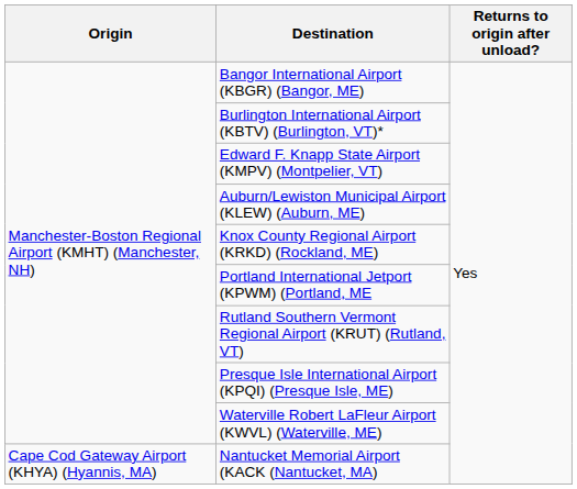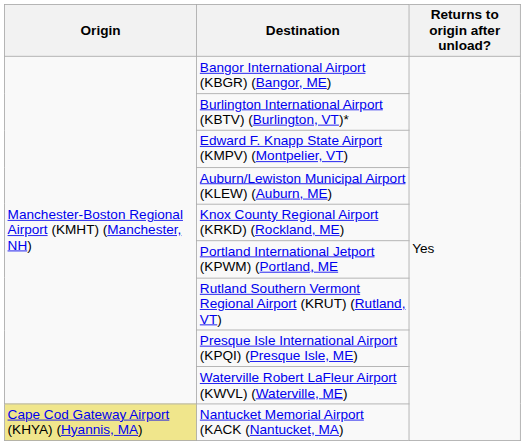 <table class="wikitable">
 <tr>
 <th>Origin</th>
 <th>Destination</th>
 <th>Returns to origin after unload?</th>
 </tr>
 <tr>
 <td rowspan="9"><a href='#'>Manchester-Boston Regional Airport</a> (KMHT) (<a href='#'>Manchester, NH</a>)</td>
 <td><a href='#'>Bangor International Airport</a> (KBGR) (<a href='#'>Bangor, ME</a>)</td>
 <td rowspan="10">Yes</td>
 </tr>
 <tr>
 <td><a href='#'>Burlington International Airport</a> (KBTV) (<a href='#'>Burlington, VT</a>)*</td>
 </tr>
 <tr>
 <td><a href='#'>Edward F. Knapp State Airport</a> (KMPV) (<a href='#'>Montpelier, VT</a>)</td>
 </tr>
 <tr>
 <td><a href='#'>Auburn/Lewiston Municipal Airport</a> (KLEW) (<a href='#'>Auburn, ME</a>)</td>
 </tr>
 <tr>
 <td><a href='#'>Knox County Regional Airport</a> (KRKD) (<a href='#'>Rockland, ME</a>)</td>
 </tr>
 <tr>
 <td><a href='#'>Portland International Jetport</a> (KPWM) (<a href='#'>Portland, ME</a></td>
 </tr>
 <tr>
 <td><a href='#'>Rutland Southern Vermont Regional Airport</a> (KRUT) (<a href='#'>Rutland, VT</a>)</td>
 </tr>
 <tr>
 <td><a href='#'>Presque Isle International Airport</a> (KPQI) (<a href='#'>Presque Isle, ME</a>)</td>
 </tr>
 <tr>
 <td><a href='#'>Waterville Robert LaFleur Airport</a> (KWVL) (<a href='#'>Waterville, ME</a>)</td>
 </tr>
 <tr>
-<td><a href='#'>Cape Cod Gateway Airport</a> (KHYA) (<a href='#'>Hyannis, MA</a>)</td>
+<td style="background: khaki;"><a href='#'>Cape Cod Gateway Airport</a> (KHYA) (<a href='#'>Hyannis, MA</a>)</td>
 <td><a href='#'>Nantucket Memorial Airport</a> (KACK (<a href='#'>Nantucket, MA</a>)</td>
 </tr>
 </table>
